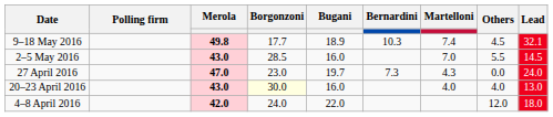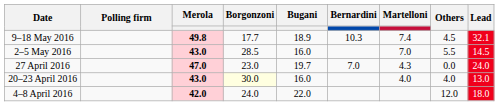 <table class=wikitable style="text-align:center;font-size:85%;line-height:13px">
 <tr style="height:30px; background-color:#E9E9E9">
 <th style="width:100px;" rowspan="2">Date</th>
 <th style="width:120px;" rowspan="2">Polling firm</th>
 <th style="width:65px;">Merola</th>
 <th style="width:65px;">Borgonzoni</th>
 <th style="width:65px;">Bugani</th>
 <th style="width:65px;">Bernardini</th>
 <th style="width:65px;">Martelloni</th>
 <th style="width:45px;" rowspan="2">Others</th>
 <th style="width:30px;" rowspan="2">Lead</th>
 </tr>
 <tr>
 <th style="background:"></th>
 <th style="background:"></th>
 <th style="background:"></th>
 <th style="background:#0047AB;"></th>
 <th style="background:#C60E3B;"></th>
 </tr>
 <tr>
 <td>9–18 May 2016</td>
 <td></td>
 <td style="background:#FFD0D7"><strong>49.8</strong></td>
 <td>17.7</td>
 <td>18.9</td>
 <td>10.3</td>
 <td>7.4</td>
 <td>4.5</td>
 <td style="background:#F0001C; color:white;">32.1</td>
 </tr>
 <tr>
 <td>2–5 May 2016</td>
 <td></td>
 <td style="background:#FFD0D7"><strong>43.0</strong></td>
 <td>28.5</td>
 <td>16.0</td>
 <td></td>
 <td>7.0</td>
 <td>5.5</td>
 <td style="background:#F0001C; color:white;">14.5</td>
 </tr>
 <tr>
 <td>27 April 2016</td>
 <td></td>
 <td style="background:#FFD0D7"><strong>47.0</strong></td>
 <td>23.0</td>
 <td>19.7</td>
-<td>7.3</td>
+<td>7.0</td>
 <td>4.3</td>
 <td>0.0</td>
 <td style="background:#F0001C; color:white;">24.0</td>
 </tr>
 <tr>
 <td>20–23 April 2016</td>
 <td></td>
 <td style="background:#FFD0D7"><strong>43.0</strong></td>
 <td style="background: lightyellow;">30.0</td>
 <td>16.0</td>
 <td></td>
 <td>4.0</td>
 <td>4.0</td>
 <td style="background:#F0001C; color:white;">13.0</td>
 </tr>
 <tr>
 <td>4–8 April 2016</td>
 <td></td>
 <td style="background:#FFD0D7"><strong>42.0</strong></td>
 <td>24.0</td>
 <td>22.0</td>
 <td></td>
 <td></td>
 <td>12.0</td>
 <td style="background:#F0001C; color:white;">18.0</td>
 </tr>
 </table>
